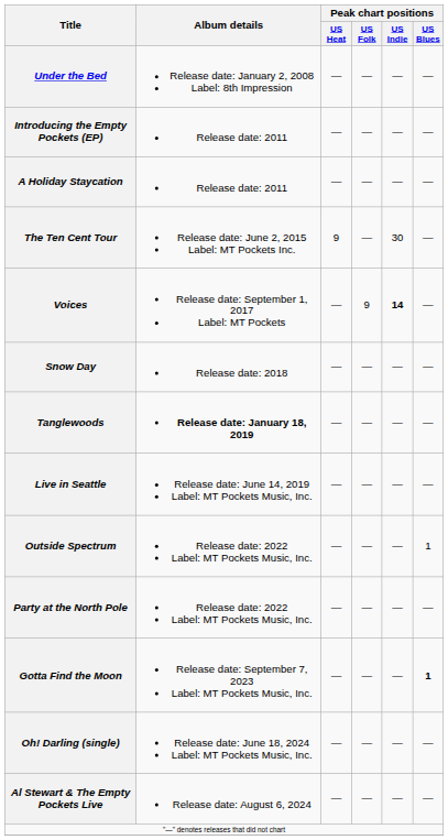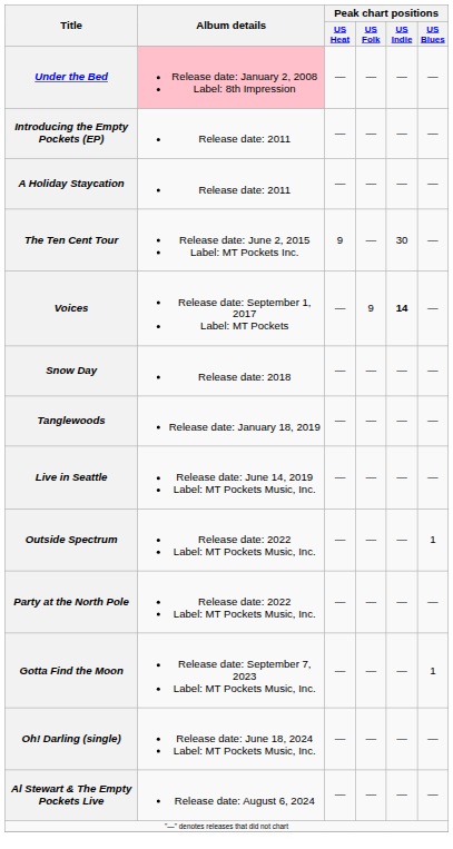 <table class="wikitable plainrowheaders" style="text-align:center;">
 <tr>
 <th rowspan="2" style="width:12em;">Title</th>
 <th rowspan="2" style="width:17em;">Album details</th>
 <th colspan="4">Peak chart positions</th>
 </tr>
 <tr style="font-size:smaller;">
 <th width="40"><a href='#'>US<br> Heat</a><br></th>
 <th width="40"><a href='#'>US <br>Folk</a><br></th>
 <th width="40"><a href='#'>US <br>Indie</a><br></th>
 <th width="40"><a href='#'>US <br>Blues</a><br></th>
 </tr>
 <tr>
 <th scope="row"><em><a href='#'>Under the Bed</a></em></th>
-<td><br><ul><li>Release date: January 2, 2008</li><li>Label: 8th Impression</li></ul></td>
+<td style="background: pink;"><br><ul><li>Release date: January 2, 2008</li><li>Label: 8th Impression</li></ul></td>
 <td>—</td>
 <td>—</td>
 <td>—</td>
 <td>—</td>
 </tr>
 <tr>
 <th scope="row"><em>Introducing the Empty Pockets (EP)</em></th>
 <td><br><ul><li>Release date: 2011</li></ul></td>
 <td>—</td>
 <td>—</td>
 <td>—</td>
 <td>—</td>
 </tr>
 <tr>
 <th scope="row"><em>A Holiday Staycation</em></th>
 <td><br><ul><li>Release date: 2011</li></ul></td>
 <td>—</td>
 <td>—</td>
 <td>—</td>
 <td>—</td>
 </tr>
 <tr>
 <th scope="row"><em>The Ten Cent Tour</em></th>
 <td><br><ul><li>Release date: June 2, 2015</li><li>Label: MT Pockets Inc.</li></ul></td>
 <td>9</td>
 <td>—</td>
 <td>30</td>
 <td>—</td>
 </tr>
 <tr>
 <th scope="row"><em>Voices</em></th>
 <td><br><ul><li>Release date: September 1, 2017</li><li>Label: MT Pockets</li></ul></td>
 <td>—</td>
 <td>9</td>
 <td><strong>14</strong></td>
 <td>—</td>
 </tr>
 <tr>
 <th scope="row"><em>Snow Day</em></th>
 <td><br><ul><li>Release date: 2018</li></ul></td>
 <td>—</td>
 <td>—</td>
 <td>—</td>
 <td>—</td>
 </tr>
 <tr>
 <th scope="row"><em>Tanglewoods</em></th>
-<td><strong><br><ul><li>Release date: January 18, 2019</li></ul></strong></td>
+<td><br><ul><li>Release date: January 18, 2019</li></ul></td>
 <td>—</td>
 <td>—</td>
 <td>—</td>
 <td>—</td>
 </tr>
 <tr>
 <th scope="row"><em>Live in Seattle</em></th>
 <td><br><ul><li>Release date: June 14, 2019</li><li>Label: MT Pockets Music, Inc.</li></ul></td>
 <td>—</td>
 <td>—</td>
 <td>—</td>
 <td>—</td>
 </tr>
 <tr>
 <th scope="row"><em>Outside Spectrum</em></th>
 <td><br><ul><li>Release date: 2022</li><li>Label: MT Pockets Music, Inc.</li></ul></td>
 <td>—</td>
 <td>—</td>
 <td>—</td>
 <td>1</td>
 </tr>
 <tr>
 <th scope="row"><em>Party at the North Pole</em></th>
 <td><br><ul><li>Release date: 2022</li><li>Label: MT Pockets Music, Inc.</li></ul></td>
 <td>—</td>
 <td>—</td>
 <td>—</td>
 <td>—</td>
 </tr>
 <tr>
 <th scope="row"><em>Gotta Find the Moon</em></th>
 <td><br><ul><li>Release date: September 7, 2023</li><li>Label: MT Pockets Music, Inc.</li></ul></td>
 <td>—</td>
 <td>—</td>
 <td>—</td>
-<td><strong>1</strong></td>
+<td>1</td>
 </tr>
 <tr>
 <th scope="row"><em>Oh! Darling (single)</em></th>
 <td><br><ul><li>Release date: June 18, 2024</li><li>Label: MT Pockets Music, Inc.</li></ul></td>
 <td>—</td>
 <td>—</td>
 <td>—</td>
 <td>—</td>
 </tr>
 <tr>
 <th scope="row"><em>Al Stewart & The Empty Pockets Live</em></th>
 <td><br><ul><li>Release date: August 6, 2024</li></ul></td>
 <td>—</td>
 <td>—</td>
 <td>—</td>
 <td>—</td>
 </tr>
 <tr>
 <td colspan="8" style="font-size:8pt">"—" denotes releases that did not chart</td>
 </tr>
 <tr>
 </tr>
 </table>
